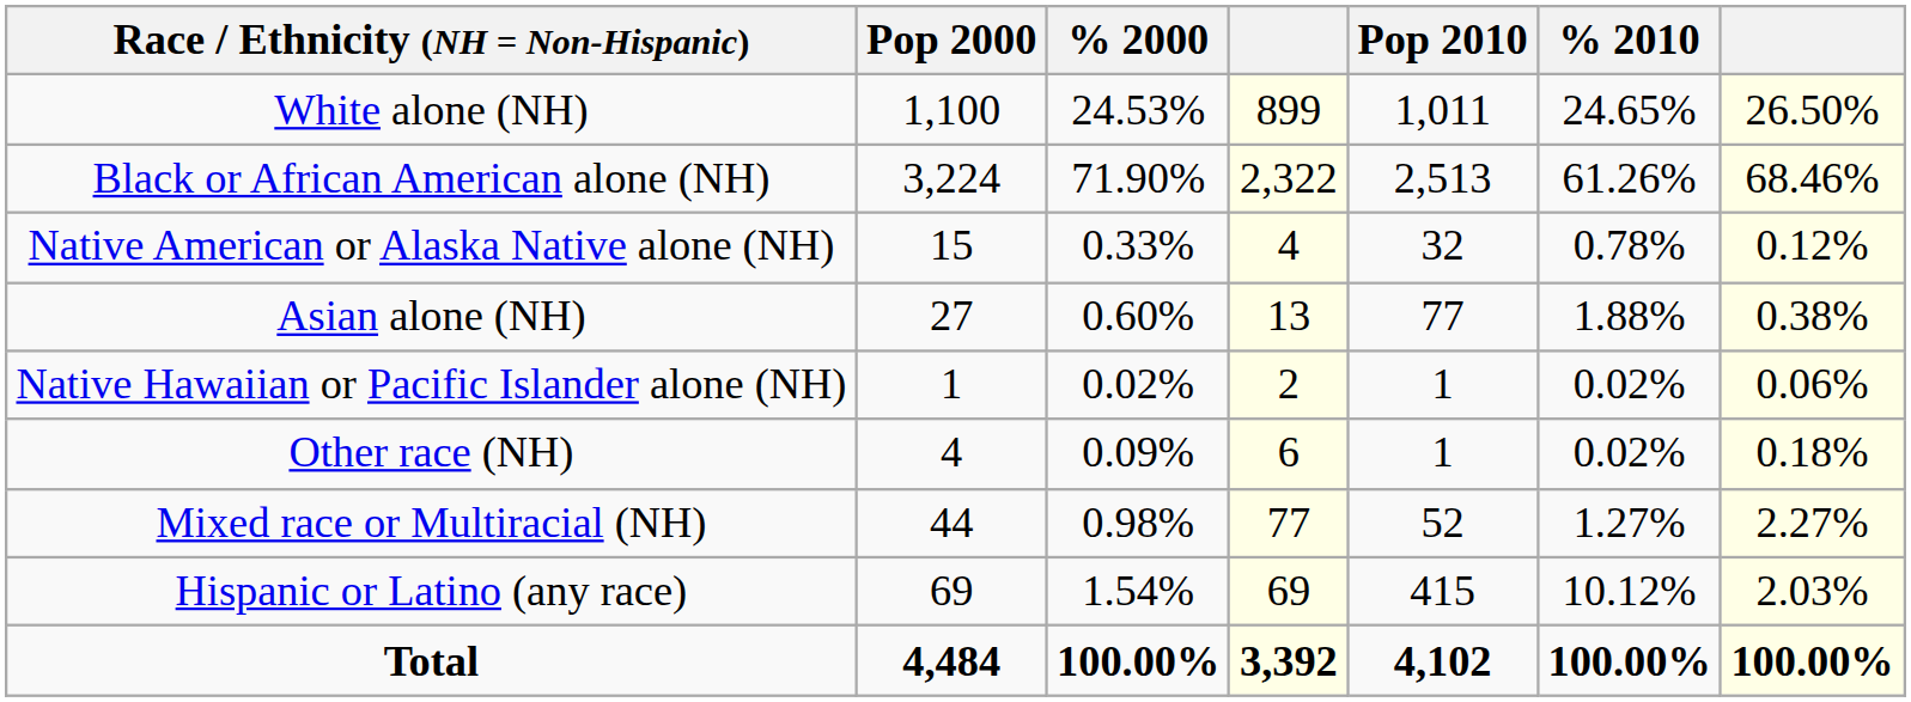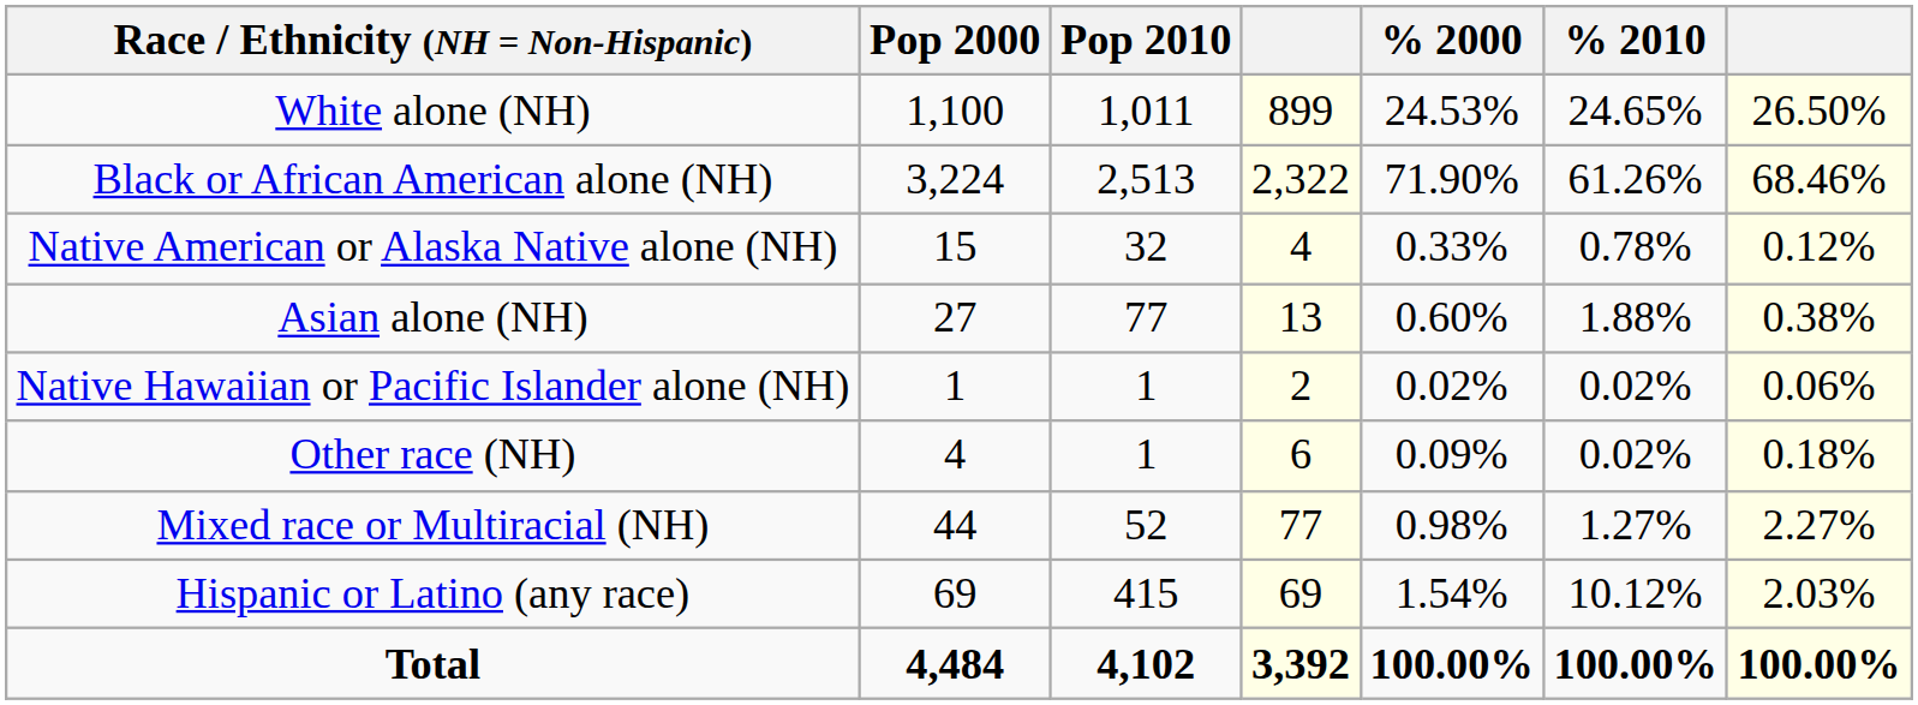 <table class="wikitable" style="text-align:center;">
 <tr>
 <th>Race / Ethnicity <small>(<em>NH = Non-Hispanic</em>)</small></th>
 <th>Pop 2000</th>
+<th>Pop 2010</th>
+<th></th>
 <th>% 2000</th>
-<th></th>
-<th>Pop 2010</th>
 <th>% 2010</th>
 <th></th>
 </tr>
 <tr>
 <td><a href='#'>White</a> alone (NH)</td>
 <td>1,100</td>
+<td>1,011</td>
+<td style='background: #ffffe6;'>899</td>
 <td>24.53%</td>
-<td style='background: #ffffe6;'>899</td>
-<td>1,011</td>
 <td>24.65%</td>
 <td style='background: #ffffe6;'>26.50%</td>
 </tr>
 <tr>
 <td><a href='#'>Black or African American</a> alone (NH)</td>
 <td>3,224</td>
+<td>2,513</td>
+<td style='background: #ffffe6;'>2,322</td>
 <td>71.90%</td>
-<td style='background: #ffffe6;'>2,322</td>
-<td>2,513</td>
 <td>61.26%</td>
 <td style='background: #ffffe6;'>68.46%</td>
 </tr>
 <tr>
 <td><a href='#'>Native American</a> or <a href='#'>Alaska Native</a> alone (NH)</td>
 <td>15</td>
+<td>32</td>
+<td style='background: #ffffe6;'>4</td>
 <td>0.33%</td>
-<td style='background: #ffffe6;'>4</td>
-<td>32</td>
 <td>0.78%</td>
 <td style='background: #ffffe6;'>0.12%</td>
 </tr>
 <tr>
 <td><a href='#'>Asian</a> alone (NH)</td>
 <td>27</td>
+<td>77</td>
+<td style='background: #ffffe6;'>13</td>
 <td>0.60%</td>
-<td style='background: #ffffe6;'>13</td>
-<td>77</td>
 <td>1.88%</td>
 <td style='background: #ffffe6;'>0.38%</td>
 </tr>
 <tr>
 <td><a href='#'>Native Hawaiian</a> or <a href='#'>Pacific Islander</a> alone (NH)</td>
 <td>1</td>
+<td>1</td>
+<td style='background: #ffffe6;'>2</td>
 <td>0.02%</td>
-<td style='background: #ffffe6;'>2</td>
-<td>1</td>
 <td>0.02%</td>
 <td style='background: #ffffe6;'>0.06%</td>
 </tr>
 <tr>
 <td><a href='#'>Other race</a> (NH)</td>
 <td>4</td>
+<td>1</td>
+<td style='background: #ffffe6;'>6</td>
 <td>0.09%</td>
-<td style='background: #ffffe6;'>6</td>
-<td>1</td>
 <td>0.02%</td>
 <td style='background: #ffffe6;'>0.18%</td>
 </tr>
 <tr>
 <td><a href='#'>Mixed race or Multiracial</a> (NH)</td>
 <td>44</td>
+<td>52</td>
+<td style='background: #ffffe6;'>77</td>
 <td>0.98%</td>
-<td style='background: #ffffe6;'>77</td>
-<td>52</td>
 <td>1.27%</td>
 <td style='background: #ffffe6;'>2.27%</td>
 </tr>
 <tr>
 <td><a href='#'>Hispanic or Latino</a> (any race)</td>
 <td>69</td>
+<td>415</td>
+<td style='background: #ffffe6;'>69</td>
 <td>1.54%</td>
-<td style='background: #ffffe6;'>69</td>
-<td>415</td>
 <td>10.12%</td>
 <td style='background: #ffffe6;'>2.03%</td>
 </tr>
 <tr>
 <td><strong>Total</strong></td>
 <td><strong>4,484</strong></td>
+<td><strong>4,102</strong></td>
+<td style='background: #ffffe6;'><strong>3,392</strong></td>
 <td><strong>100.00%</strong></td>
-<td style='background: #ffffe6;'><strong>3,392</strong></td>
-<td><strong>4,102</strong></td>
 <td><strong>100.00%</strong></td>
 <td style='background: #ffffe6;'><strong>100.00%</strong></td>
 </tr>
 </table>
